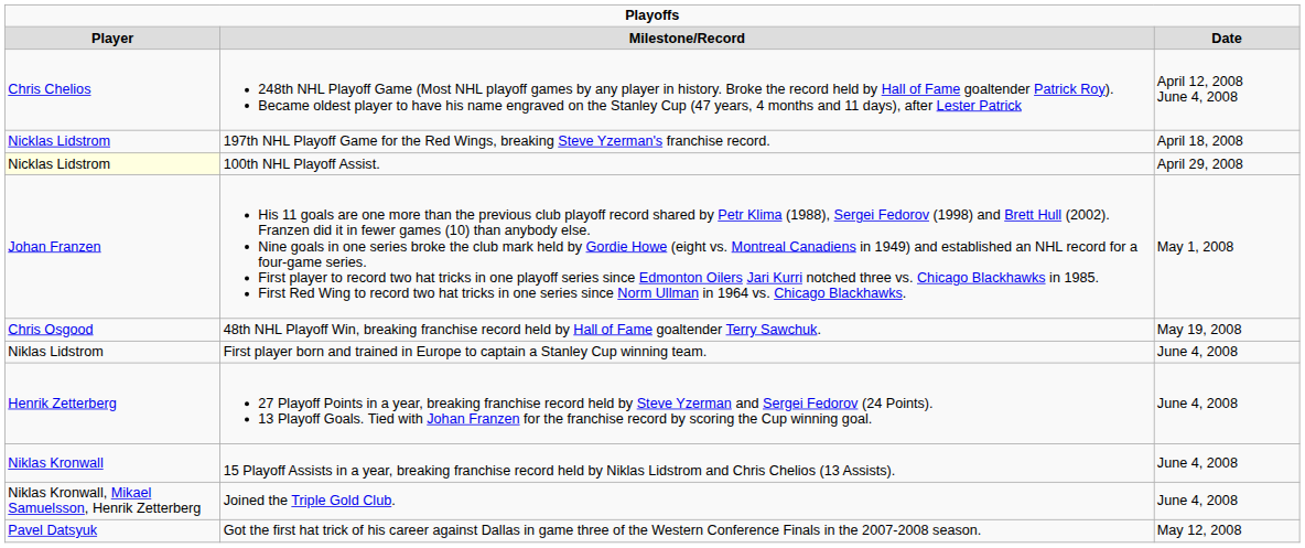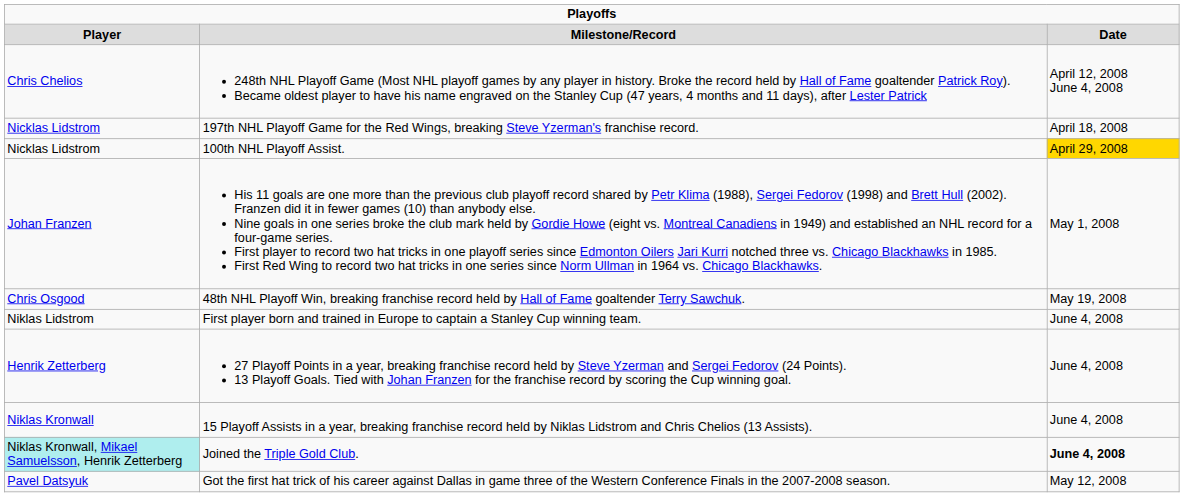 <table class="wikitable" width="75%">
 <tr>
 <td colspan="10" align="center"><strong>Playoffs</strong></td>
 </tr>
 <tr align="center"  bgcolor="#dddddd">
 <td style="width:15em;"><strong>Player</strong></td>
 <td><strong>Milestone/Record</strong></td>
 <td style="width:10em;"><strong>Date</strong></td>
 </tr>
 <tr>
 <td><a href='#'>Chris Chelios</a></td>
 <td><br><ul><li>248th NHL Playoff Game (Most NHL playoff games by any player in history. Broke the record held by <a href='#'>Hall of Fame</a> goaltender <a href='#'>Patrick Roy</a>).</li><li>Became oldest player to have his name engraved on the Stanley Cup (47 years, 4 months and 11 days), after <a href='#'>Lester Patrick</a></li></ul></td>
 <td>April 12, 2008 <br>June 4, 2008</td>
 </tr>
 <tr>
 <td><a href='#'>Nicklas Lidstrom</a></td>
 <td>197th NHL Playoff Game for the Red Wings, breaking <a href='#'>Steve Yzerman's</a> franchise record.</td>
 <td>April 18, 2008</td>
 </tr>
 <tr>
-<td style="background: lightyellow;">Nicklas Lidstrom</td>
+<td>Nicklas Lidstrom</td>
 <td>100th NHL Playoff Assist.</td>
-<td>April 29, 2008</td>
+<td style="background: gold;">April 29, 2008</td>
 </tr>
 <tr>
 <td><a href='#'>Johan Franzen</a></td>
 <td><br><ul><li>His 11 goals are one more than the previous club playoff record shared by <a href='#'>Petr Klima</a> (1988), <a href='#'>Sergei Fedorov</a> (1998) and <a href='#'>Brett Hull</a> (2002). Franzen did it in fewer games (10) than anybody else.</li><li>Nine goals in one series broke the club mark held by <a href='#'>Gordie Howe</a> (eight vs. <a href='#'>Montreal Canadiens</a> in 1949) and established an NHL record for a four-game series.</li><li>First player to record two hat tricks in one playoff series since <a href='#'>Edmonton Oilers</a> <a href='#'>Jari Kurri</a> notched three vs. <a href='#'>Chicago Blackhawks</a> in 1985.</li><li>First Red Wing to record two hat tricks in one series since <a href='#'>Norm Ullman</a> in 1964 vs. <a href='#'>Chicago Blackhawks</a>.</li></ul></td>
 <td>May 1, 2008</td>
 </tr>
 <tr>
 <td><a href='#'>Chris Osgood</a></td>
 <td>48th NHL Playoff Win, breaking franchise record held by <a href='#'>Hall of Fame</a> goaltender <a href='#'>Terry Sawchuk</a>.</td>
 <td>May 19, 2008</td>
 </tr>
 <tr>
 <td>Niklas Lidstrom</td>
 <td>First player born and trained in Europe to captain a Stanley Cup winning team.</td>
 <td>June 4, 2008</td>
 </tr>
 <tr>
 <td><a href='#'>Henrik Zetterberg</a></td>
 <td><br><ul><li>27 Playoff Points in a year, breaking franchise record held by <a href='#'>Steve Yzerman</a> and <a href='#'>Sergei Fedorov</a> (24 Points).</li><li>13 Playoff Goals. Tied with <a href='#'>Johan Franzen</a> for the franchise record by scoring the Cup winning goal.</li></ul></td>
 <td>June 4, 2008</td>
 </tr>
 <tr>
 <td><a href='#'>Niklas Kronwall</a></td>
 <td><br>15 Playoff Assists in a year, breaking franchise record held by Niklas Lidstrom and Chris Chelios (13 Assists).</td>
 <td>June 4, 2008</td>
 </tr>
 <tr>
-<td>Niklas Kronwall, <a href='#'>Mikael Samuelsson</a>, Henrik Zetterberg</td>
+<td style="background: paleturquoise;">Niklas Kronwall, <a href='#'>Mikael Samuelsson</a>, Henrik Zetterberg</td>
 <td>Joined the <a href='#'>Triple Gold Club</a>.</td>
-<td>June 4, 2008</td>
+<td><strong>June 4, 2008</strong></td>
 </tr>
 <tr>
 <td><a href='#'>Pavel Datsyuk</a></td>
 <td>Got the first hat trick of his career against Dallas in game three of the Western Conference Finals in the 2007-2008 season.</td>
 <td>May 12, 2008</td>
 </tr>
 </table>
